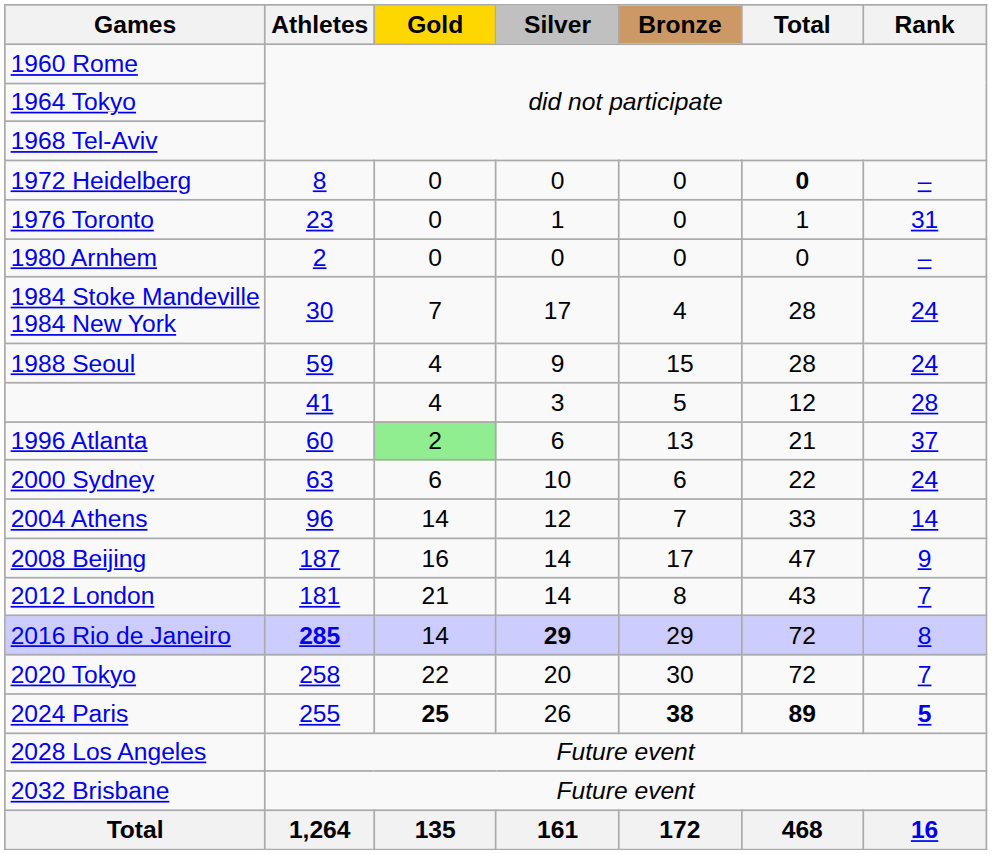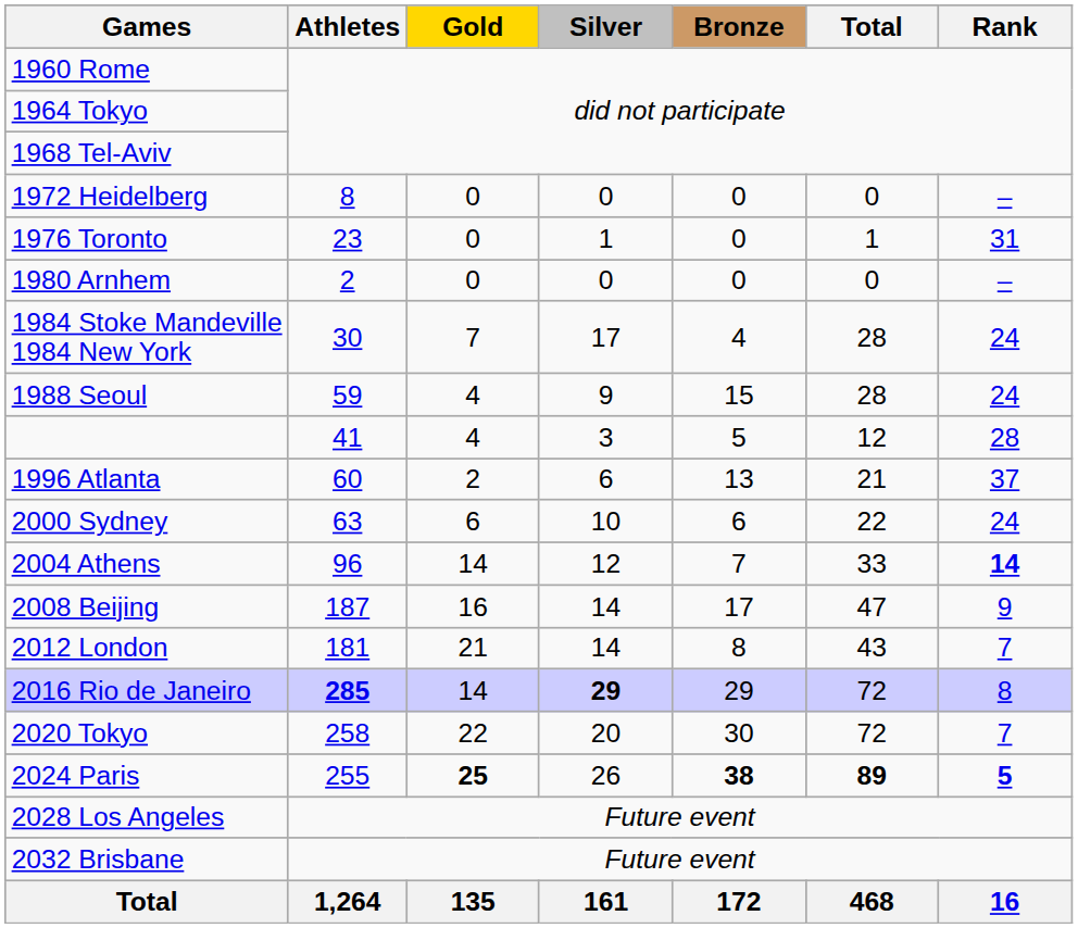 <table class="wikitable" style="text-align:center; font-size:90%;">
 <tr>
 <th>Games</th>
 <th>Athletes</th>
 <td style="background:gold; width:4.5em; font-weight:bold;">Gold</td>
 <td style="background:silver; width:4.5em; font-weight:bold;">Silver</td>
 <td style="background:#c96; width:4.5em; font-weight:bold;">Bronze</td>
 <th style="width:4.5em; font-weight:bold;">Total</th>
 <th style="width:4.5em; font-weight:bold;">Rank</th>
 </tr>
 <tr>
 <td align=left> <a href='#'>1960 Rome</a></td>
 <td colspan=6 rowspan=3><em>did not participate</em></td>
 </tr>
 <tr>
 <td align=left> <a href='#'>1964 Tokyo</a></td>
 </tr>
 <tr>
 <td align=left> <a href='#'>1968 Tel-Aviv</a></td>
 </tr>
 <tr>
 <td align=left> <a href='#'>1972 Heidelberg</a></td>
 <td><a href='#'>8</a></td>
 <td>0</td>
 <td>0</td>
 <td>0</td>
-<td><strong>0</strong></td>
+<td>0</td>
 <td><a href='#'>–</a></td>
 </tr>
 <tr>
 <td align=left> <a href='#'>1976 Toronto</a></td>
 <td><a href='#'>23</a></td>
 <td>0</td>
 <td>1</td>
 <td>0</td>
 <td>1</td>
 <td><a href='#'>31</a></td>
 </tr>
 <tr>
 <td align=left> <a href='#'>1980 Arnhem</a></td>
 <td><a href='#'>2</a></td>
 <td>0</td>
 <td>0</td>
 <td>0</td>
 <td>0</td>
 <td><a href='#'>–</a></td>
 </tr>
 <tr>
 <td align=left> <a href='#'>1984 Stoke Mandeville</a><br> <a href='#'>1984 New York</a></td>
 <td><a href='#'>30</a></td>
 <td>7</td>
 <td>17</td>
 <td>4</td>
 <td>28</td>
 <td><a href='#'>24</a></td>
 </tr>
 <tr>
 <td align=left> <a href='#'>1988 Seoul</a></td>
 <td><a href='#'>59</a></td>
 <td>4</td>
 <td>9</td>
 <td>15</td>
 <td>28</td>
 <td><a href='#'>24</a></td>
 </tr>
 <tr>
 <td align=left></td>
 <td><a href='#'>41</a></td>
 <td>4</td>
 <td>3</td>
 <td>5</td>
 <td>12</td>
 <td><a href='#'>28</a></td>
 </tr>
 <tr>
 <td align=left> <a href='#'>1996 Atlanta</a></td>
 <td><a href='#'>60</a></td>
-<td style="background: lightgreen;">2</td>
+<td>2</td>
 <td>6</td>
 <td>13</td>
 <td>21</td>
 <td><a href='#'>37</a></td>
 </tr>
 <tr>
 <td align=left> <a href='#'>2000 Sydney</a></td>
 <td><a href='#'>63</a></td>
 <td>6</td>
 <td>10</td>
 <td>6</td>
 <td>22</td>
 <td><a href='#'>24</a></td>
 </tr>
 <tr>
 <td align=left> <a href='#'>2004 Athens</a></td>
 <td><a href='#'>96</a></td>
 <td>14</td>
 <td>12</td>
 <td>7</td>
 <td>33</td>
-<td><a href='#'>14</a></td>
+<td><strong><a href='#'>14</a></strong></td>
 </tr>
 <tr>
 <td align=left> <a href='#'>2008 Beijing</a></td>
 <td><a href='#'>187</a></td>
 <td>16</td>
 <td>14</td>
 <td>17</td>
 <td>47</td>
 <td><a href='#'>9</a></td>
 </tr>
 <tr>
 <td align=left> <a href='#'>2012 London</a></td>
 <td><a href='#'>181</a></td>
 <td>21</td>
 <td>14</td>
 <td>8</td>
 <td>43</td>
 <td><a href='#'>7</a></td>
 </tr>
 <tr bgcolor=ccccff>
 <td align=left> <a href='#'>2016 Rio de Janeiro</a></td>
 <td><a href='#'><strong>285</strong></a></td>
 <td>14</td>
 <td><strong>29</strong></td>
 <td>29</td>
 <td>72</td>
 <td><a href='#'>8</a></td>
 </tr>
 <tr>
 <td align=left> <a href='#'>2020 Tokyo</a></td>
 <td><a href='#'>258</a></td>
 <td>22</td>
 <td>20</td>
 <td>30</td>
 <td>72</td>
 <td><a href='#'>7</a></td>
 </tr>
 <tr>
 <td align=left> <a href='#'>2024 Paris</a></td>
 <td><a href='#'>255</a></td>
 <td><strong>25</strong></td>
 <td>26</td>
 <td><strong>38</strong></td>
 <td><strong>89</strong></td>
 <td><a href='#'><strong>5</strong></a></td>
 </tr>
 <tr>
 <td align=left> <a href='#'>2028 Los Angeles</a></td>
 <td colspan=6 rowspan=1><em>Future event</em></td>
 </tr>
 <tr>
 <td align=left> <a href='#'>2032 Brisbane</a></td>
 <td colspan=6 rowspan=1><em>Future event</em></td>
 </tr>
 <tr class="sortbottom" align=center>
 <th>Total</th>
 <th>1,264</th>
 <th>135</th>
 <th>161</th>
 <th>172</th>
 <th>468</th>
 <th><a href='#'>16</a></th>
 </tr>
 </table>
